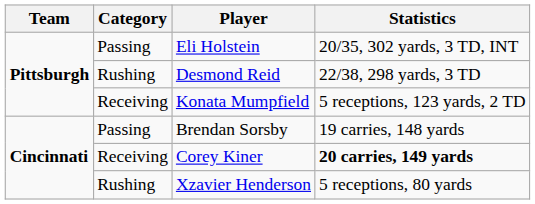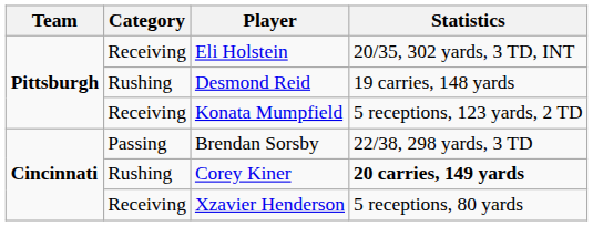 <table class="wikitable" style="float: right;">
 <tr>
 <th>Team</th>
 <th>Category</th>
 <th>Player</th>
 <th>Statistics</th>
 </tr>
 <tr>
 <td rowspan=3><strong>Pittsburgh</strong></td>
-<td>Passing</td>
+<td>Receiving</td>
 <td><a href='#'>Eli Holstein</a></td>
 <td>20/35, 302 yards, 3 TD, INT</td>
 </tr>
 <tr>
 <td>Rushing</td>
 <td><a href='#'>Desmond Reid</a></td>
-<td>22/38, 298 yards, 3 TD</td>
+<td>19 carries, 148 yards</td>
 </tr>
 <tr>
 <td>Receiving</td>
 <td><a href='#'>Konata Mumpfield</a></td>
 <td>5 receptions, 123 yards, 2 TD</td>
 </tr>
 <tr>
 <td rowspan=3><strong>Cincinnati</strong></td>
 <td>Passing</td>
 <td>Brendan Sorsby</td>
-<td>19 carries, 148 yards</td>
+<td>22/38, 298 yards, 3 TD</td>
 </tr>
 <tr>
-<td>Receiving</td>
+<td>Rushing</td>
 <td><a href='#'>Corey Kiner</a></td>
 <td><strong>20 carries, 149 yards</strong></td>
 </tr>
 <tr>
-<td>Rushing</td>
+<td>Receiving</td>
 <td><a href='#'>Xzavier Henderson</a></td>
 <td>5 receptions, 80 yards</td>
 </tr>
 </table>
